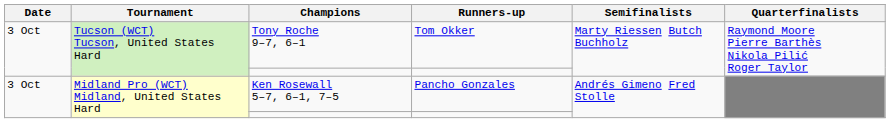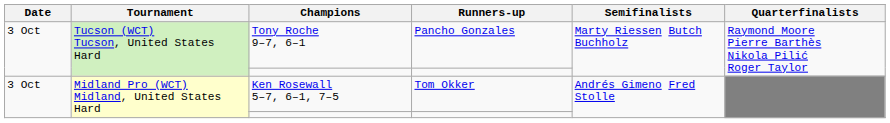 <table class=wikitable style=font-size:85%>
 <tr>
 <th width=80>Date</th>
 <th width=230>Tournament</th>
 <th width=210>Champions</th>
 <th width=210>Runners-up</th>
 <th width=180>Semifinalists</th>
 <th width=180>Quarterfinalists</th>
 </tr>
 <tr valign=top>
 <td rowspan=2>3 Oct</td>
 <td style="background:#d0f0c0;" rowspan=2><a href='#'>Tucson (WCT)</a><br> <a href='#'>Tucson</a>, United States<br>Hard</td>
 <td> <a href='#'>Tony Roche</a> <br>9–7, 6–1</td>
-<td> <a href='#'>Tom Okker</a></td>
+<td> <a href='#'>Pancho Gonzales</a></td>
 <td rowspan=2> <a href='#'>Marty Riessen</a>  <a href='#'>Butch Buchholz</a></td>
 <td rowspan=2> <a href='#'>Raymond Moore</a> <br>  <a href='#'>Pierre Barthès</a> <br>  <a href='#'>Nikola Pilić</a> <br>  <a href='#'>Roger Taylor</a></td>
 </tr>
 <tr valign=top>
 <td></td>
 <td></td>
 </tr>
 <tr valign=top>
 <td rowspan=2>3 Oct</td>
 <td style="background:#ffc;" rowspan=2><a href='#'>Midland Pro (WCT)</a><br><a href='#'>Midland</a>, United States<br>Hard</td>
 <td> <a href='#'>Ken Rosewall</a> <br>5–7, 6–1, 7–5</td>
-<td> <a href='#'>Pancho Gonzales</a></td>
+<td> <a href='#'>Tom Okker</a></td>
 <td rowspan=2> <a href='#'>Andrés Gimeno</a>   <a href='#'>Fred Stolle</a></td>
 <td style="background:grey" rowspan=2></td>
 </tr>
 <tr valign=top>
 <td></td>
 <td></td>
 </tr>
 </table>
